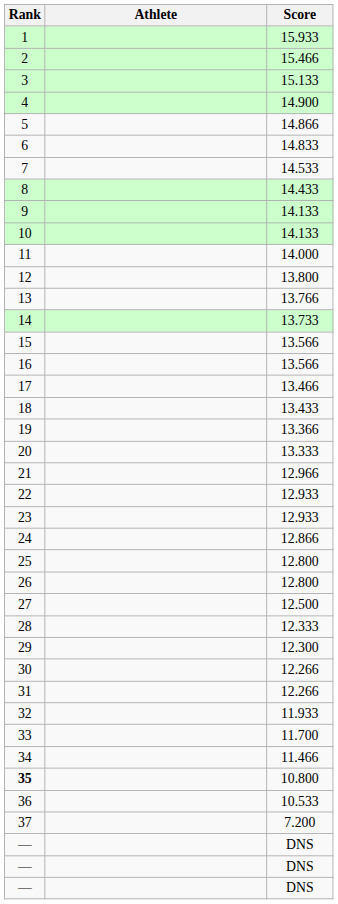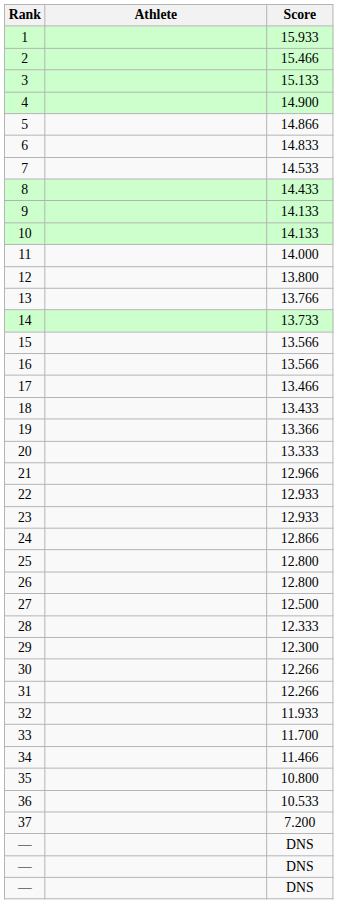 <table class=wikitable style="text-align:center">
 <tr>
 <th width=40>Rank</th>
 <th width=250>Athlete</th>
 <th width=70>Score</th>
 </tr>
 <tr bgcolor="ccffcc">
 <td>1</td>
 <td align=left></td>
 <td>15.933</td>
 </tr>
 <tr bgcolor="ccffcc">
 <td>2</td>
 <td align=left></td>
 <td>15.466</td>
 </tr>
 <tr bgcolor="ccffcc">
 <td>3</td>
 <td align=left></td>
 <td>15.133</td>
 </tr>
 <tr bgcolor="ccffcc">
 <td>4</td>
 <td align=left></td>
 <td>14.900</td>
 </tr>
 <tr>
 <td>5</td>
 <td align=left></td>
 <td>14.866</td>
 </tr>
 <tr>
 <td>6</td>
 <td align=left></td>
 <td>14.833</td>
 </tr>
 <tr>
 <td>7</td>
 <td align=left></td>
 <td>14.533</td>
 </tr>
 <tr bgcolor="ccffcc">
 <td>8</td>
 <td align=left></td>
 <td>14.433</td>
 </tr>
 <tr bgcolor="ccffcc">
 <td>9</td>
 <td align=left></td>
 <td>14.133</td>
 </tr>
 <tr bgcolor="ccffcc">
 <td>10</td>
 <td align=left></td>
 <td>14.133</td>
 </tr>
 <tr>
 <td>11</td>
 <td align=left></td>
 <td>14.000</td>
 </tr>
 <tr>
 <td>12</td>
 <td align=left></td>
 <td>13.800</td>
 </tr>
 <tr>
 <td>13</td>
 <td align=left></td>
 <td>13.766</td>
 </tr>
 <tr bgcolor="ccffcc">
 <td>14 </td>
 <td align=left></td>
 <td>13.733</td>
 </tr>
 <tr>
 <td>15 </td>
 <td align=left></td>
 <td>13.566</td>
 </tr>
 <tr>
 <td>16</td>
 <td align=left></td>
 <td>13.566</td>
 </tr>
 <tr>
 <td>17</td>
 <td align=left></td>
 <td>13.466</td>
 </tr>
 <tr>
 <td>18</td>
 <td align=left></td>
 <td>13.433</td>
 </tr>
 <tr>
 <td>19</td>
 <td align=left></td>
 <td>13.366</td>
 </tr>
 <tr>
 <td>20</td>
 <td align=left></td>
 <td>13.333</td>
 </tr>
 <tr>
 <td>21</td>
 <td align=left></td>
 <td>12.966</td>
 </tr>
 <tr>
 <td>22</td>
 <td align=left></td>
 <td>12.933</td>
 </tr>
 <tr>
 <td>23</td>
 <td align=left></td>
 <td>12.933</td>
 </tr>
 <tr>
 <td>24</td>
 <td align=left></td>
 <td>12.866</td>
 </tr>
 <tr>
 <td>25</td>
 <td align=left></td>
 <td>12.800</td>
 </tr>
 <tr>
 <td>26</td>
 <td align=left></td>
 <td>12.800</td>
 </tr>
 <tr>
 <td>27</td>
 <td align=left></td>
 <td>12.500</td>
 </tr>
 <tr>
 <td>28</td>
 <td align=left></td>
 <td>12.333</td>
 </tr>
 <tr>
 <td>29</td>
 <td align=left></td>
 <td>12.300</td>
 </tr>
 <tr>
 <td>30</td>
 <td align=left></td>
 <td>12.266</td>
 </tr>
 <tr>
 <td>31</td>
 <td align=left></td>
 <td>12.266</td>
 </tr>
 <tr>
 <td>32</td>
 <td align=left></td>
 <td>11.933</td>
 </tr>
 <tr>
 <td>33</td>
 <td align=left></td>
 <td>11.700</td>
 </tr>
 <tr>
 <td>34</td>
 <td align=left></td>
 <td>11.466</td>
 </tr>
 <tr>
-<td><strong>35</strong></td>
+<td>35</td>
 <td align=left></td>
 <td>10.800</td>
 </tr>
 <tr>
 <td>36</td>
 <td align=left></td>
 <td>10.533</td>
 </tr>
 <tr>
 <td>37</td>
 <td align=left></td>
 <td>7.200</td>
 </tr>
 <tr>
 <td>—</td>
 <td align=left></td>
 <td>DNS</td>
 </tr>
 <tr>
 <td>—</td>
 <td align=left></td>
 <td>DNS</td>
 </tr>
 <tr>
 <td>—</td>
 <td align=left></td>
 <td>DNS</td>
 </tr>
 </table>
